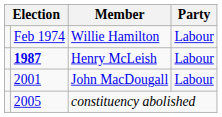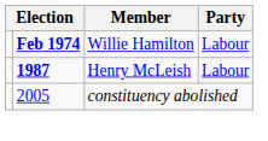 <table class="wikitable">
 <tr>
 <th colspan="2">Election</th>
 <th>Member </th>
 <th>Party</th>
 </tr>
 <tr>
 <td style="color:inherit;background-color: "></td>
-<td><a href='#'>Feb 1974</a></td>
+<td><strong><a href='#'>Feb 1974</a></strong></td>
 <td><a href='#'>Willie Hamilton</a></td>
 <td><a href='#'>Labour</a></td>
 </tr>
 <tr>
 <td style="color:inherit;background-color: "></td>
 <td><strong><a href='#'>1987</a></strong></td>
 <td><a href='#'>Henry McLeish</a></td>
 <td><a href='#'>Labour</a></td>
 </tr>
 <tr>
-<td style="color:inherit;background-color: "></td>
-<td><a href='#'>2001</a></td>
-<td><a href='#'>John MacDougall</a></td>
-<td><a href='#'>Labour</a></td>
-</tr>
-<tr>
 <td></td>
 <td><a href='#'>2005</a></td>
 <td colspan="2"><em>constituency abolished</em></td>
 </tr>
 </table>
